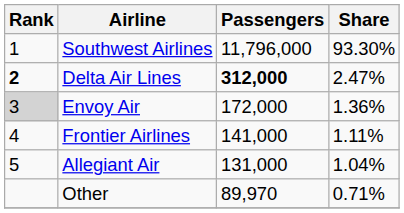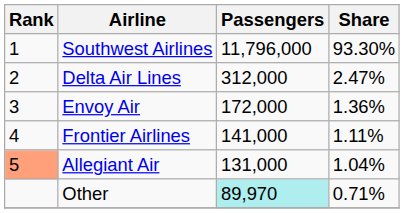 <table class="wikitable sortable" style="font-size: 95%">
 <tr>
 <th>Rank</th>
 <th>Airline</th>
 <th>Passengers</th>
 <th>Share</th>
 </tr>
 <tr>
 <td>1</td>
 <td><a href='#'>Southwest Airlines</a></td>
 <td>11,796,000</td>
 <td>93.30%</td>
 </tr>
 <tr>
-<td><strong>2</strong></td>
+<td>2</td>
 <td><a href='#'>Delta Air Lines</a></td>
-<td><strong>312,000</strong></td>
+<td>312,000</td>
 <td>2.47%</td>
 </tr>
 <tr>
-<td style="background: lightgrey;">3</td>
+<td>3</td>
 <td><a href='#'>Envoy Air</a></td>
 <td>172,000</td>
 <td>1.36%</td>
 </tr>
 <tr>
 <td>4</td>
 <td><a href='#'>Frontier Airlines</a></td>
 <td>141,000</td>
 <td>1.11%</td>
 </tr>
 <tr>
-<td>5</td>
+<td style="background: lightsalmon;">5</td>
 <td><a href='#'>Allegiant Air</a></td>
 <td>131,000</td>
 <td>1.04%</td>
 </tr>
 <tr>
 <td></td>
 <td>Other</td>
-<td>89,970</td>
+<td style="background: paleturquoise;">89,970</td>
 <td>0.71%</td>
 </tr>
 <tr>
 </tr>
 </table>
